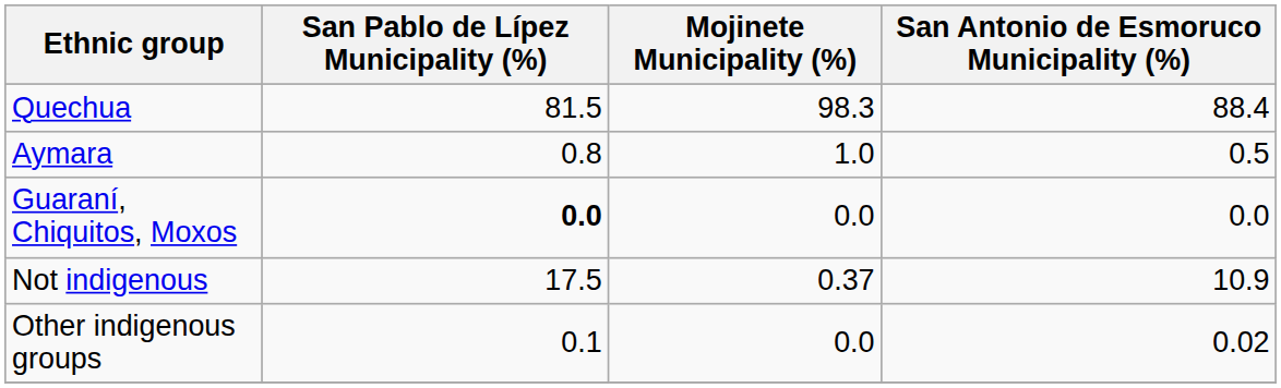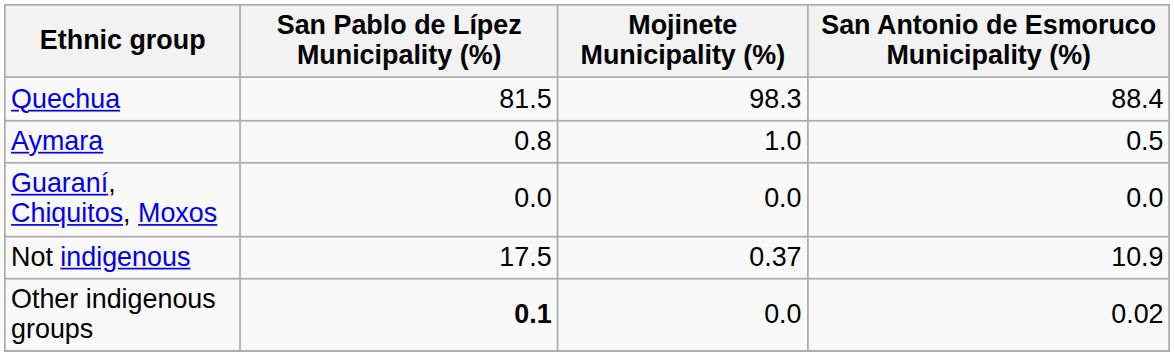 <table class="wikitable" border="1" style="width:35%;" border="1">
 <tr bgcolor=#EFEFEF>
 <th><strong>Ethnic group</strong></th>
 <th><strong>San Pablo de Lípez Municipality (%)</strong></th>
 <th><strong>Mojinete Municipality (%)</strong></th>
 <th><strong>San Antonio de Esmoruco Municipality (%)</strong></th>
 </tr>
 <tr>
 <td><a href='#'>Quechua</a></td>
 <td align="right">81.5</td>
 <td align="right">98.3</td>
 <td align="right">88.4</td>
 </tr>
 <tr>
 <td><a href='#'>Aymara</a></td>
 <td align="right">0.8</td>
 <td align="right">1.0</td>
 <td align="right">0.5</td>
 </tr>
 <tr>
 <td><a href='#'>Guaraní</a>, <a href='#'>Chiquitos</a>, <a href='#'>Moxos</a></td>
-<td align="right"><strong>0.0</strong></td>
+<td align="right">0.0</td>
 <td align="right">0.0</td>
 <td align="right">0.0</td>
 </tr>
 <tr>
 <td>Not <a href='#'>indigenous</a></td>
 <td align="right">17.5</td>
 <td align="right">0.37</td>
 <td align="right">10.9</td>
 </tr>
 <tr>
 <td>Other indigenous groups</td>
-<td align="right">0.1</td>
+<td align="right"><strong>0.1</strong></td>
 <td align="right">0.0</td>
 <td align="right">0.02</td>
 </tr>
 <tr>
 </tr>
 </table>
